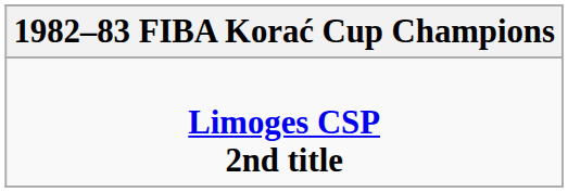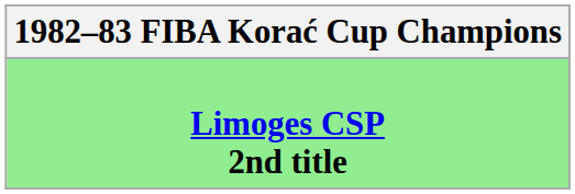 <table class=wikitable style="text-align:center; margin:auto">
 <tr>
 <th>1982–83 FIBA Korać Cup Champions</th>
 </tr>
 <tr>
-<td><br> <strong><a href='#'>Limoges CSP</a></strong> <br> <strong>2nd title</strong></td>
+<td style="background: lightgreen;"><br> <strong><a href='#'>Limoges CSP</a></strong> <br> <strong>2nd title</strong></td>
 </tr>
 </table>
